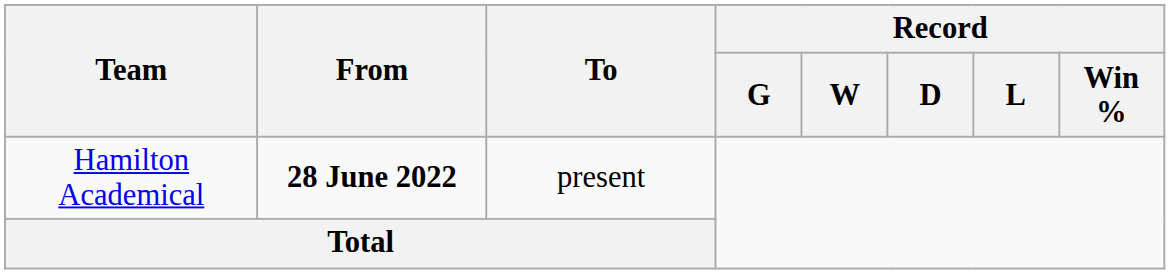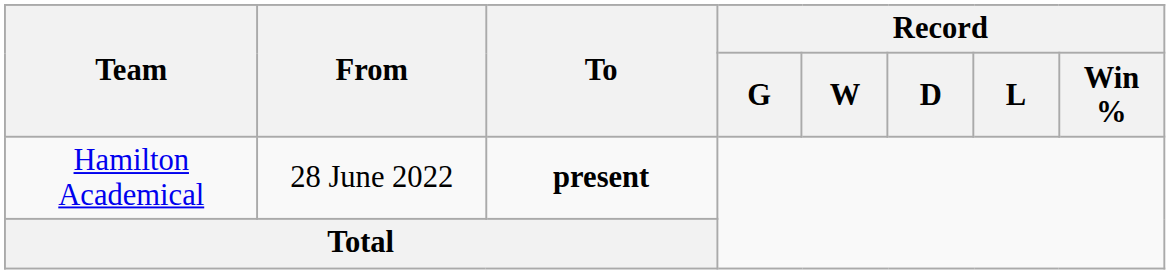 <table class="wikitable" style="text-align: center">
 <tr>
 <th rowspan="2!" style="width:130px;">Team</th>
 <th rowspan="2!" style="width:120px;">From</th>
 <th rowspan="2!" style="width:120px;">To</th>
 <th colspan=5>Record</th>
 </tr>
 <tr>
 <th width=40>G</th>
 <th width=40>W</th>
 <th width=40>D</th>
 <th width=40>L</th>
 <th width=50>Win %</th>
 </tr>
 <tr>
 <td align=centre><a href='#'>Hamilton Academical</a></td>
-<td align=centre><strong>28 June 2022</strong></td>
-<td align=centre>present<br></td>
+<td align=centre>28 June 2022</td>
+<td align=centre><strong>present<br></strong></td>
 </tr>
 <tr>
 <th colspan=3>Total<br></th>
 </tr>
 </table>
